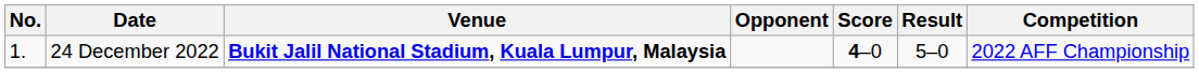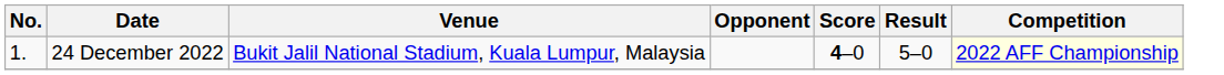 <table class="wikitable" style="font-size:100%;">
 <tr>
 <th>No.</th>
 <th>Date</th>
 <th>Venue</th>
 <th>Opponent</th>
 <th>Score</th>
 <th>Result</th>
 <th>Competition</th>
 </tr>
 <tr>
 <td>1.</td>
 <td>24 December 2022</td>
-<td><strong><a href='#'>Bukit Jalil National Stadium</a>, <a href='#'>Kuala Lumpur</a>, Malaysia</strong></td>
+<td><a href='#'>Bukit Jalil National Stadium</a>, <a href='#'>Kuala Lumpur</a>, Malaysia</td>
 <td></td>
 <td align=center><strong>4</strong>–0</td>
 <td align=center>5–0</td>
-<td><a href='#'>2022 AFF Championship</a></td>
+<td style="background: lightyellow;"><a href='#'>2022 AFF Championship</a></td>
 </tr>
 <tr>
 </tr>
 </table>
